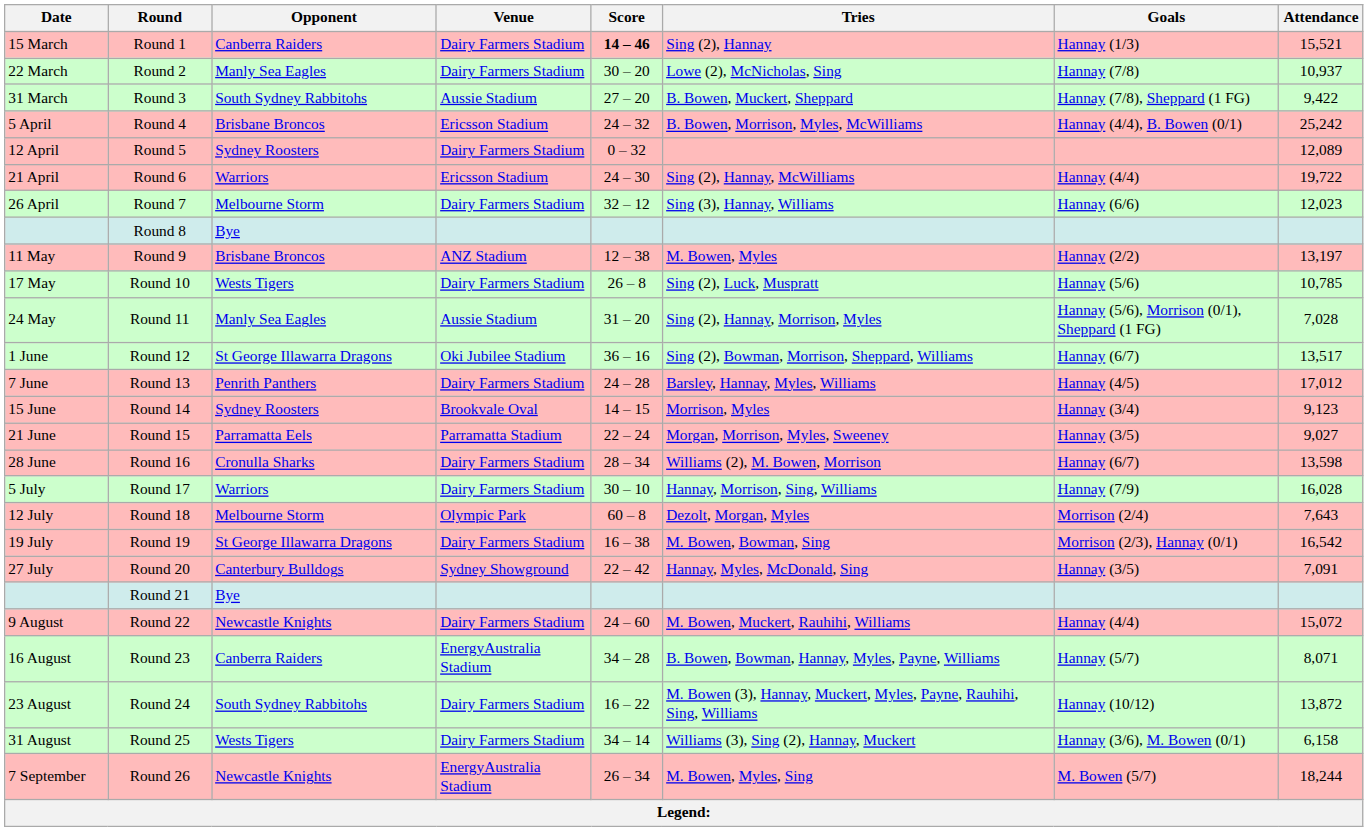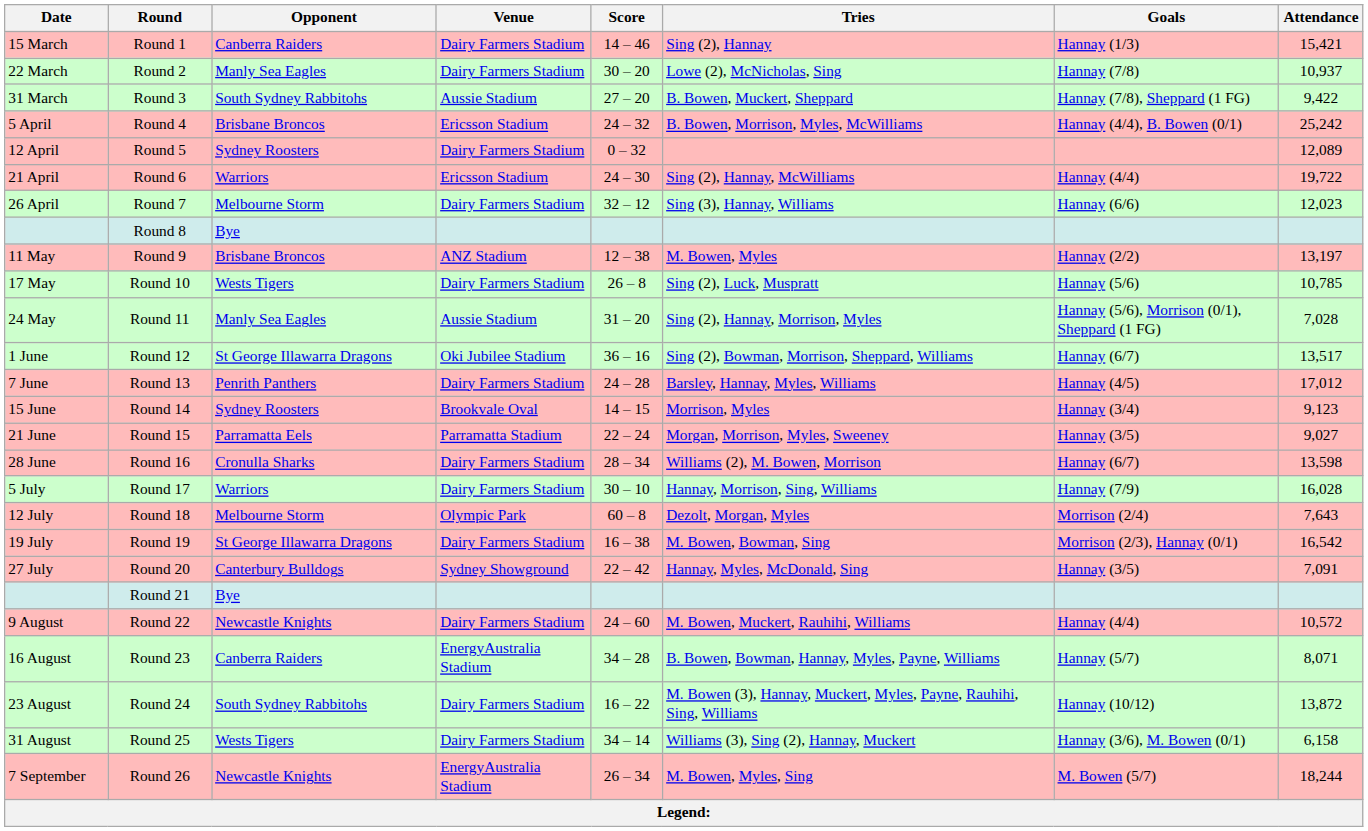 <table class="wikitable" style="font-size:75%;">
 <tr>
 <th style="width:75px;">Date</th>
 <th style="width:75px;">Round</th>
 <th style="width:170px;">Opponent</th>
 <th style="width:115px;">Venue</th>
 <th style="width:50px;">Score</th>
 <th style="width:300px;">Tries</th>
 <th style="width:170px;">Goals</th>
 <th style="width:60px;">Attendance</th>
 </tr>
 <tr style="background:#FFBBBB">
 <td>15 March</td>
 <td style="text-align:center;">Round 1</td>
 <td> <a href='#'>Canberra Raiders</a></td>
 <td><a href='#'>Dairy Farmers Stadium</a></td>
-<td style="text-align:center;"><strong>14 – 46</strong></td>
+<td style="text-align:center;">14 – 46</td>
 <td><a href='#'>Sing</a> (2), <a href='#'>Hannay</a></td>
 <td><a href='#'>Hannay</a> (1/3)</td>
-<td style="text-align:center;">15,521</td>
+<td style="text-align:center;">15,421</td>
 </tr>
 <tr style="background:#CCFFCC">
 <td>22 March</td>
 <td style="text-align:center;">Round 2</td>
 <td> <a href='#'>Manly Sea Eagles</a></td>
 <td><a href='#'>Dairy Farmers Stadium</a></td>
 <td style="text-align:center;">30 – 20</td>
 <td><a href='#'>Lowe</a> (2), <a href='#'>McNicholas</a>, <a href='#'>Sing</a></td>
 <td><a href='#'>Hannay</a> (7/8)</td>
 <td style="text-align:center;">10,937</td>
 </tr>
 <tr style="background:#CCFFCC">
 <td>31 March</td>
 <td style="text-align:center;">Round 3</td>
 <td> <a href='#'>South Sydney Rabbitohs</a></td>
 <td><a href='#'>Aussie Stadium</a></td>
 <td style="text-align:center;">27 – 20</td>
 <td><a href='#'>B. Bowen</a>, <a href='#'>Muckert</a>, <a href='#'>Sheppard</a></td>
 <td><a href='#'>Hannay</a> (7/8), <a href='#'>Sheppard</a> (1 FG)</td>
 <td style="text-align:center;">9,422</td>
 </tr>
 <tr style="background:#FFBBBB">
 <td>5 April</td>
 <td style="text-align:center;">Round 4</td>
 <td> <a href='#'>Brisbane Broncos</a></td>
 <td><a href='#'>Ericsson Stadium</a></td>
 <td style="text-align:center;">24 – 32</td>
 <td><a href='#'>B. Bowen</a>, <a href='#'>Morrison</a>, <a href='#'>Myles</a>, <a href='#'>McWilliams</a></td>
 <td><a href='#'>Hannay</a> (4/4), <a href='#'>B. Bowen</a> (0/1)</td>
 <td style="text-align:center;">25,242</td>
 </tr>
 <tr style="background:#FFBBBB">
 <td>12 April</td>
 <td style="text-align:center;">Round 5</td>
 <td> <a href='#'>Sydney Roosters</a></td>
 <td><a href='#'>Dairy Farmers Stadium</a></td>
 <td style="text-align:center;">0 – 32</td>
 <td></td>
 <td></td>
 <td style="text-align:center;">12,089</td>
 </tr>
 <tr style="background:#FFBBBB">
 <td>21 April</td>
 <td style="text-align:center;">Round 6</td>
 <td> <a href='#'>Warriors</a></td>
 <td><a href='#'>Ericsson Stadium</a></td>
 <td style="text-align:center;">24 – 30</td>
 <td><a href='#'>Sing</a> (2), <a href='#'>Hannay</a>, <a href='#'>McWilliams</a></td>
 <td><a href='#'>Hannay</a> (4/4)</td>
 <td style="text-align:center;">19,722</td>
 </tr>
 <tr style="background:#CCFFCC">
 <td>26 April</td>
 <td style="text-align:center;">Round 7</td>
 <td> <a href='#'>Melbourne Storm</a></td>
 <td><a href='#'>Dairy Farmers Stadium</a></td>
 <td style="text-align:center;">32 – 12</td>
 <td><a href='#'>Sing</a> (3), <a href='#'>Hannay</a>, <a href='#'>Williams</a></td>
 <td><a href='#'>Hannay</a> (6/6)</td>
 <td style="text-align:center;">12,023</td>
 </tr>
 <tr style="background:#cfecec;">
 <td></td>
 <td style="text-align:center;">Round 8</td>
 <td><a href='#'>Bye</a></td>
 <td></td>
 <td></td>
 <td></td>
 <td></td>
 <td></td>
 </tr>
 <tr style="background:#FFBBBB">
 <td>11 May</td>
 <td style="text-align:center;">Round 9</td>
 <td> <a href='#'>Brisbane Broncos</a></td>
 <td><a href='#'>ANZ Stadium</a></td>
 <td style="text-align:center;">12 – 38</td>
 <td><a href='#'>M. Bowen</a>, <a href='#'>Myles</a></td>
 <td><a href='#'>Hannay</a> (2/2)</td>
 <td style="text-align:center;">13,197</td>
 </tr>
 <tr style="background:#CCFFCC">
 <td>17 May</td>
 <td style="text-align:center;">Round 10</td>
 <td> <a href='#'>Wests Tigers</a></td>
 <td><a href='#'>Dairy Farmers Stadium</a></td>
 <td style="text-align:center;">26 – 8</td>
 <td><a href='#'>Sing</a> (2), <a href='#'>Luck</a>, <a href='#'>Muspratt</a></td>
 <td><a href='#'>Hannay</a> (5/6)</td>
 <td style="text-align:center;">10,785</td>
 </tr>
 <tr style="background:#CCFFCC">
 <td>24 May</td>
 <td style="text-align:center;">Round 11</td>
 <td> <a href='#'>Manly Sea Eagles</a></td>
 <td><a href='#'>Aussie Stadium</a></td>
 <td style="text-align:center;">31 – 20</td>
 <td><a href='#'>Sing</a> (2), <a href='#'>Hannay</a>, <a href='#'>Morrison</a>, <a href='#'>Myles</a></td>
 <td><a href='#'>Hannay</a> (5/6), <a href='#'>Morrison</a> (0/1), <a href='#'>Sheppard</a> (1 FG)</td>
 <td style="text-align:center;">7,028</td>
 </tr>
 <tr style="background:#CCFFCC">
 <td>1 June</td>
 <td style="text-align:center;">Round 12</td>
 <td> <a href='#'>St George Illawarra Dragons</a></td>
 <td><a href='#'>Oki Jubilee Stadium</a></td>
 <td style="text-align:center;">36 – 16</td>
 <td><a href='#'>Sing</a> (2), <a href='#'>Bowman</a>, <a href='#'>Morrison</a>, <a href='#'>Sheppard</a>, <a href='#'>Williams</a></td>
 <td><a href='#'>Hannay</a> (6/7)</td>
 <td style="text-align:center;">13,517</td>
 </tr>
 <tr style="background:#FFBBBB">
 <td>7 June</td>
 <td style="text-align:center;">Round 13</td>
 <td> <a href='#'>Penrith Panthers</a></td>
 <td><a href='#'>Dairy Farmers Stadium</a></td>
 <td style="text-align:center;">24 – 28</td>
 <td><a href='#'>Barsley</a>, <a href='#'>Hannay</a>, <a href='#'>Myles</a>, <a href='#'>Williams</a></td>
 <td><a href='#'>Hannay</a> (4/5)</td>
 <td style="text-align:center;">17,012</td>
 </tr>
 <tr style="background:#FFBBBB">
 <td>15 June</td>
 <td style="text-align:center;">Round 14</td>
 <td> <a href='#'>Sydney Roosters</a></td>
 <td><a href='#'>Brookvale Oval</a></td>
 <td style="text-align:center;">14 – 15</td>
 <td><a href='#'>Morrison</a>, <a href='#'>Myles</a></td>
 <td><a href='#'>Hannay</a> (3/4)</td>
 <td style="text-align:center;">9,123</td>
 </tr>
 <tr style="background:#FFBBBB">
 <td>21 June</td>
 <td style="text-align:center;">Round 15</td>
 <td> <a href='#'>Parramatta Eels</a></td>
 <td><a href='#'>Parramatta Stadium</a></td>
 <td style="text-align:center;">22 – 24</td>
 <td><a href='#'>Morgan</a>, <a href='#'>Morrison</a>, <a href='#'>Myles</a>, <a href='#'>Sweeney</a></td>
 <td><a href='#'>Hannay</a> (3/5)</td>
 <td style="text-align:center;">9,027</td>
 </tr>
 <tr style="background:#FFBBBB">
 <td>28 June</td>
 <td style="text-align:center;">Round 16</td>
 <td> <a href='#'>Cronulla Sharks</a></td>
 <td><a href='#'>Dairy Farmers Stadium</a></td>
 <td style="text-align:center;">28 – 34</td>
 <td><a href='#'>Williams</a> (2), <a href='#'>M. Bowen</a>, <a href='#'>Morrison</a></td>
 <td><a href='#'>Hannay</a> (6/7)</td>
 <td style="text-align:center;">13,598</td>
 </tr>
 <tr style="background:#CCFFCC">
 <td>5 July</td>
 <td style="text-align:center;">Round 17</td>
 <td> <a href='#'>Warriors</a></td>
 <td><a href='#'>Dairy Farmers Stadium</a></td>
 <td style="text-align:center;">30 – 10</td>
 <td><a href='#'>Hannay</a>, <a href='#'>Morrison</a>, <a href='#'>Sing</a>, <a href='#'>Williams</a></td>
 <td><a href='#'>Hannay</a> (7/9)</td>
 <td style="text-align:center;">16,028</td>
 </tr>
 <tr style="background:#FFBBBB">
 <td>12 July</td>
 <td style="text-align:center;">Round 18</td>
 <td> <a href='#'>Melbourne Storm</a></td>
 <td><a href='#'>Olympic Park</a></td>
 <td style="text-align:center;">60 – 8</td>
 <td><a href='#'>Dezolt</a>, <a href='#'>Morgan</a>, <a href='#'>Myles</a></td>
 <td><a href='#'>Morrison</a> (2/4)</td>
 <td style="text-align:center;">7,643</td>
 </tr>
 <tr style="background:#FFBBBB">
 <td>19 July</td>
 <td style="text-align:center;">Round 19</td>
 <td> <a href='#'>St George Illawarra Dragons</a></td>
 <td><a href='#'>Dairy Farmers Stadium</a></td>
 <td style="text-align:center;">16 – 38</td>
 <td><a href='#'>M. Bowen</a>, <a href='#'>Bowman</a>, <a href='#'>Sing</a></td>
 <td><a href='#'>Morrison</a> (2/3), <a href='#'>Hannay</a> (0/1)</td>
 <td style="text-align:center;">16,542</td>
 </tr>
 <tr style="background:#FFBBBB">
 <td>27 July</td>
 <td style="text-align:center;">Round 20</td>
 <td> <a href='#'>Canterbury Bulldogs</a></td>
 <td><a href='#'>Sydney Showground</a></td>
 <td style="text-align:center;">22 – 42</td>
 <td><a href='#'>Hannay</a>, <a href='#'>Myles</a>, <a href='#'>McDonald</a>, <a href='#'>Sing</a></td>
 <td><a href='#'>Hannay</a> (3/5)</td>
 <td style="text-align:center;">7,091</td>
 </tr>
 <tr style="background:#cfecec;">
 <td></td>
 <td style="text-align:center;">Round 21</td>
 <td><a href='#'>Bye</a></td>
 <td></td>
 <td></td>
 <td></td>
 <td></td>
 <td></td>
 </tr>
 <tr style="background:#FFBBBB">
 <td>9 August</td>
 <td style="text-align:center;">Round 22</td>
 <td> <a href='#'>Newcastle Knights</a></td>
 <td><a href='#'>Dairy Farmers Stadium</a></td>
 <td style="text-align:center;">24 – 60</td>
 <td><a href='#'>M. Bowen</a>, <a href='#'>Muckert</a>, <a href='#'>Rauhihi</a>, <a href='#'>Williams</a></td>
 <td><a href='#'>Hannay</a> (4/4)</td>
-<td style="text-align:center;">15,072</td>
+<td style="text-align:center;">10,572</td>
 </tr>
 <tr style="background:#CCFFCC">
 <td>16 August</td>
 <td style="text-align:center;">Round 23</td>
 <td> <a href='#'>Canberra Raiders</a></td>
 <td><a href='#'>EnergyAustralia Stadium</a></td>
 <td style="text-align:center;">34 – 28</td>
 <td><a href='#'>B. Bowen</a>, <a href='#'>Bowman</a>, <a href='#'>Hannay</a>, <a href='#'>Myles</a>, <a href='#'>Payne</a>, <a href='#'>Williams</a></td>
 <td><a href='#'>Hannay</a> (5/7)</td>
 <td style="text-align:center;">8,071</td>
 </tr>
 <tr style="background:#CCFFCC">
 <td>23 August</td>
 <td style="text-align:center;">Round 24</td>
 <td> <a href='#'>South Sydney Rabbitohs</a></td>
 <td><a href='#'>Dairy Farmers Stadium</a></td>
 <td style="text-align:center;">16 – 22</td>
 <td><a href='#'>M. Bowen</a> (3), <a href='#'>Hannay</a>, <a href='#'>Muckert</a>, <a href='#'>Myles</a>, <a href='#'>Payne</a>, <a href='#'>Rauhihi</a>, <a href='#'>Sing</a>, <a href='#'>Williams</a></td>
 <td><a href='#'>Hannay</a> (10/12)</td>
 <td style="text-align:center;">13,872</td>
 </tr>
 <tr style="background:#CCFFCC">
 <td>31 August</td>
 <td style="text-align:center;">Round 25</td>
 <td> <a href='#'>Wests Tigers</a></td>
 <td><a href='#'>Dairy Farmers Stadium</a></td>
 <td style="text-align:center;">34 – 14</td>
 <td><a href='#'>Williams</a> (3), <a href='#'>Sing</a> (2), <a href='#'>Hannay</a>, <a href='#'>Muckert</a></td>
 <td><a href='#'>Hannay</a> (3/6), <a href='#'>M. Bowen</a> (0/1)</td>
 <td style="text-align:center;">6,158</td>
 </tr>
 <tr style="background:#FFBBBB">
 <td>7 September</td>
 <td style="text-align:center;">Round 26</td>
 <td> <a href='#'>Newcastle Knights</a></td>
 <td><a href='#'>EnergyAustralia Stadium</a></td>
 <td style="text-align:center;">26 – 34</td>
 <td><a href='#'>M. Bowen</a>, <a href='#'>Myles</a>, <a href='#'>Sing</a></td>
 <td><a href='#'>M. Bowen</a> (5/7)</td>
 <td style="text-align:center;">18,244</td>
 </tr>
 <tr>
 <th colspan="11"><strong>Legend</strong>:    </th>
 </tr>
 </table>
